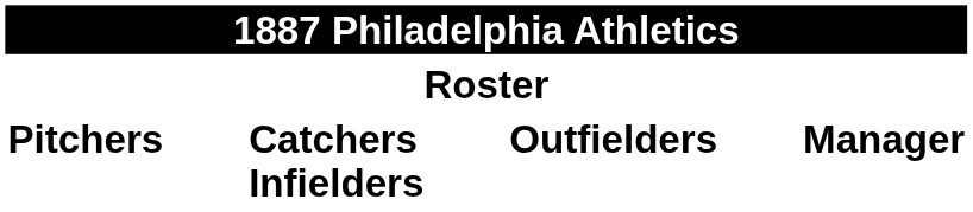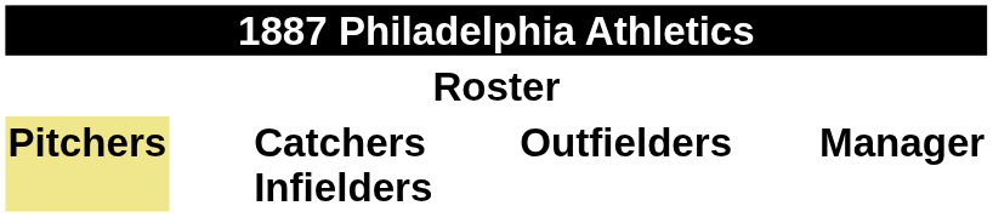 <table class="toccolours" style="font-size: 95%;">
 <tr>
 <th colspan="10" style="background-color: black; color: white; text-align: center;">1887 Philadelphia Athletics</th>
 </tr>
 <tr>
 <td colspan="10" style="background-color: white; color: black; text-align: center;"><strong>Roster</strong></td>
 </tr>
 <tr>
-<td valign="top"><strong>Pitchers</strong><br>        </td>
+<td valign="top" style="background: khaki;"><strong>Pitchers</strong><br>        </td>
 <td width="25px"></td>
 <td valign="top"><strong>Catchers</strong><br>   <strong>Infielders</strong>     </td>
 <td width="25px"></td>
 <td valign="top"><strong>Outfielders</strong><br>     </td>
 <td width="25px"></td>
 <td valign="top"><strong>Manager</strong><br> </td>
 </tr>
 </table>
